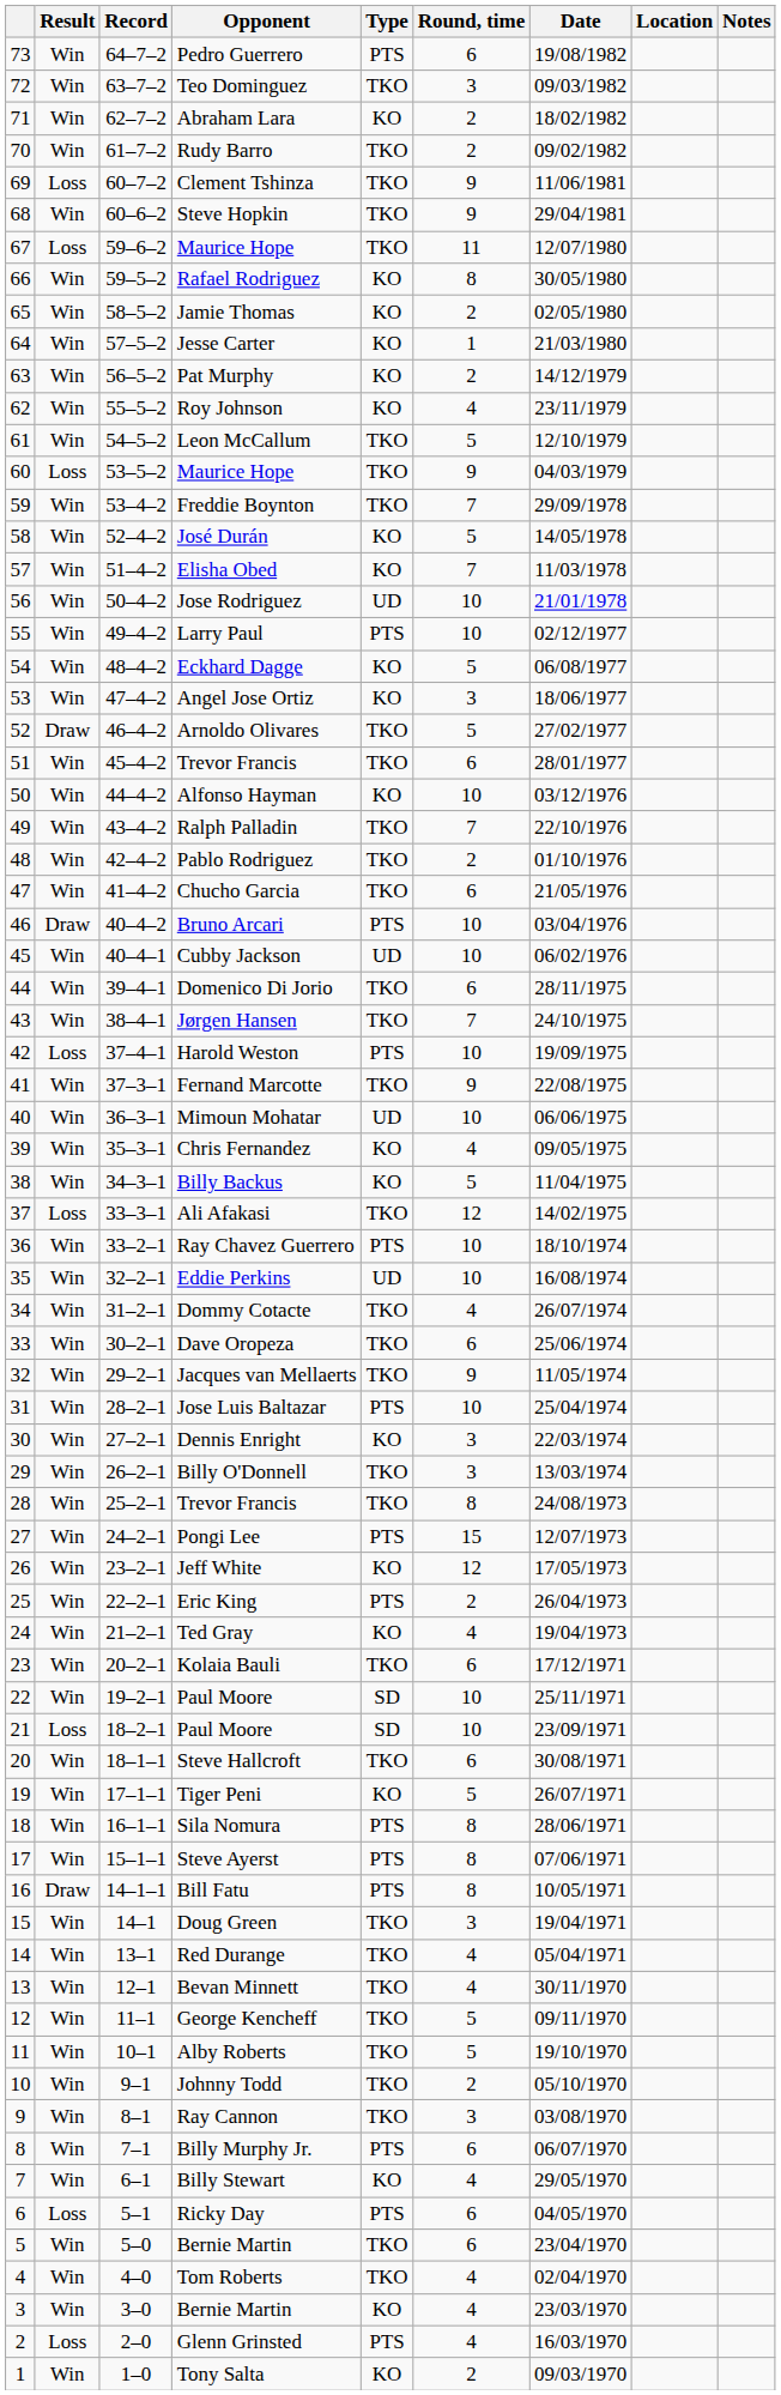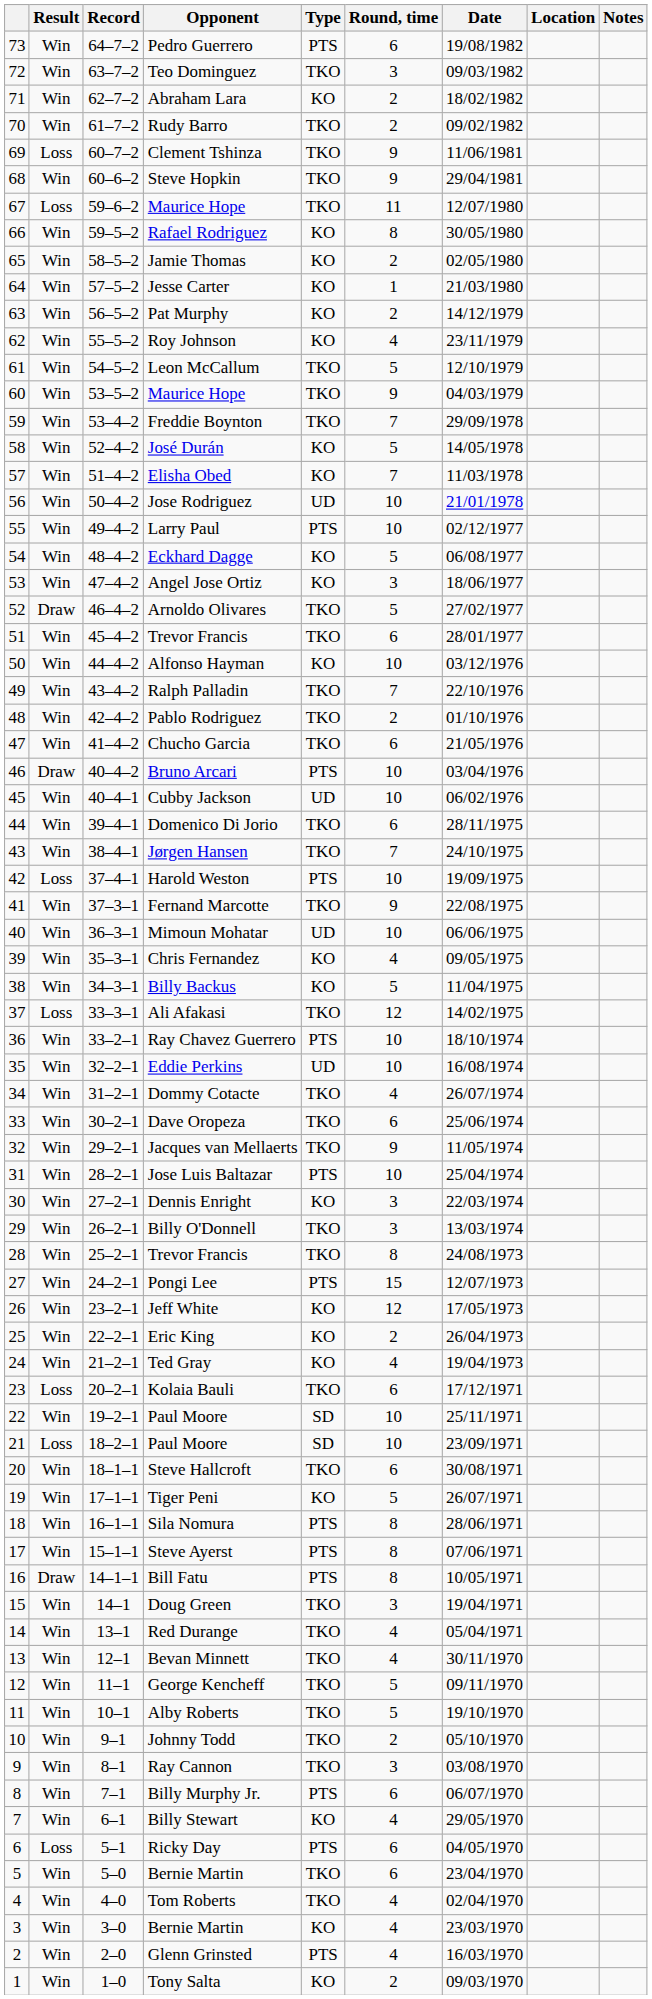 <table class="wikitable" style="text-align:center">
 <tr>
 <th></th>
 <th>Result</th>
 <th>Record</th>
 <th>Opponent</th>
 <th>Type</th>
 <th>Round, time</th>
 <th>Date</th>
 <th>Location</th>
 <th>Notes</th>
 </tr>
 <tr>
 <td>73</td>
 <td>Win</td>
 <td>64–7–2</td>
 <td align=left>Pedro Guerrero</td>
 <td>PTS</td>
 <td>6</td>
 <td>19/08/1982</td>
 <td align=left></td>
 <td align=left></td>
 </tr>
 <tr>
 <td>72</td>
 <td>Win</td>
 <td>63–7–2</td>
 <td align=left>Teo Dominguez</td>
 <td>TKO</td>
 <td>3</td>
 <td>09/03/1982</td>
 <td align=left></td>
 <td align=left></td>
 </tr>
 <tr>
 <td>71</td>
 <td>Win</td>
 <td>62–7–2</td>
 <td align=left>Abraham Lara</td>
 <td>KO</td>
 <td>2</td>
 <td>18/02/1982</td>
 <td align=left></td>
 <td align=left></td>
 </tr>
 <tr>
 <td>70</td>
 <td>Win</td>
 <td>61–7–2</td>
 <td align=left>Rudy Barro</td>
 <td>TKO</td>
 <td>2</td>
 <td>09/02/1982</td>
 <td align=left></td>
 <td align=left></td>
 </tr>
 <tr>
 <td>69</td>
 <td>Loss</td>
 <td>60–7–2</td>
 <td align=left>Clement Tshinza</td>
 <td>TKO</td>
 <td>9</td>
 <td>11/06/1981</td>
 <td align=left></td>
 <td align=left></td>
 </tr>
 <tr>
 <td>68</td>
 <td>Win</td>
 <td>60–6–2</td>
 <td align=left>Steve Hopkin</td>
 <td>TKO</td>
 <td>9</td>
 <td>29/04/1981</td>
 <td align=left></td>
 <td align=left></td>
 </tr>
 <tr>
 <td>67</td>
 <td>Loss</td>
 <td>59–6–2</td>
 <td align=left><a href='#'>Maurice Hope</a></td>
 <td>TKO</td>
 <td>11</td>
 <td>12/07/1980</td>
 <td align=left></td>
 <td align=left></td>
 </tr>
 <tr>
 <td>66</td>
 <td>Win</td>
 <td>59–5–2</td>
 <td align=left><a href='#'>Rafael Rodriguez</a></td>
 <td>KO</td>
 <td>8</td>
 <td>30/05/1980</td>
 <td align=left></td>
 <td align=left></td>
 </tr>
 <tr>
 <td>65</td>
 <td>Win</td>
 <td>58–5–2</td>
 <td align=left>Jamie Thomas</td>
 <td>KO</td>
 <td>2</td>
 <td>02/05/1980</td>
 <td align=left></td>
 <td align=left></td>
 </tr>
 <tr>
 <td>64</td>
 <td>Win</td>
 <td>57–5–2</td>
 <td align=left>Jesse Carter</td>
 <td>KO</td>
 <td>1</td>
 <td>21/03/1980</td>
 <td align=left></td>
 <td align=left></td>
 </tr>
 <tr>
 <td>63</td>
 <td>Win</td>
 <td>56–5–2</td>
 <td align=left>Pat Murphy</td>
 <td>KO</td>
 <td>2</td>
 <td>14/12/1979</td>
 <td align=left></td>
 <td align=left></td>
 </tr>
 <tr>
 <td>62</td>
 <td>Win</td>
 <td>55–5–2</td>
 <td align=left>Roy Johnson</td>
 <td>KO</td>
 <td>4</td>
 <td>23/11/1979</td>
 <td align=left></td>
 <td align=left></td>
 </tr>
 <tr>
 <td>61</td>
 <td>Win</td>
 <td>54–5–2</td>
 <td align=left>Leon McCallum</td>
 <td>TKO</td>
 <td>5</td>
 <td>12/10/1979</td>
 <td align=left></td>
 <td align=left></td>
 </tr>
 <tr>
 <td>60</td>
-<td>Loss</td>
+<td>Win</td>
 <td>53–5–2</td>
 <td align=left><a href='#'>Maurice Hope</a></td>
 <td>TKO</td>
 <td>9</td>
 <td>04/03/1979</td>
 <td align=left></td>
 <td align=left></td>
 </tr>
 <tr>
 <td>59</td>
 <td>Win</td>
 <td>53–4–2</td>
 <td align=left>Freddie Boynton</td>
 <td>TKO</td>
 <td>7</td>
 <td>29/09/1978</td>
 <td align=left></td>
 <td align=left></td>
 </tr>
 <tr>
 <td>58</td>
 <td>Win</td>
 <td>52–4–2</td>
 <td align=left><a href='#'>José Durán</a></td>
 <td>KO</td>
 <td>5</td>
 <td>14/05/1978</td>
 <td align=left></td>
 <td align=left></td>
 </tr>
 <tr>
 <td>57</td>
 <td>Win</td>
 <td>51–4–2</td>
 <td align=left><a href='#'>Elisha Obed</a></td>
 <td>KO</td>
 <td>7</td>
 <td>11/03/1978</td>
 <td align=left></td>
 <td align=left></td>
 </tr>
 <tr>
 <td>56</td>
 <td>Win</td>
 <td>50–4–2</td>
 <td align=left>Jose Rodriguez</td>
 <td>UD</td>
 <td>10</td>
 <td><a href='#'>21/01/1978</a></td>
 <td align=left></td>
 <td align=left></td>
 </tr>
 <tr>
 <td>55</td>
 <td>Win</td>
 <td>49–4–2</td>
 <td align=left>Larry Paul</td>
 <td>PTS</td>
 <td>10</td>
 <td>02/12/1977</td>
 <td align=left></td>
 <td align=left></td>
 </tr>
 <tr>
 <td>54</td>
 <td>Win</td>
 <td>48–4–2</td>
 <td align=left><a href='#'>Eckhard Dagge</a></td>
 <td>KO</td>
 <td>5</td>
 <td>06/08/1977</td>
 <td align=left></td>
 <td align=left></td>
 </tr>
 <tr>
 <td>53</td>
 <td>Win</td>
 <td>47–4–2</td>
 <td align=left>Angel Jose Ortiz</td>
 <td>KO</td>
 <td>3</td>
 <td>18/06/1977</td>
 <td align=left></td>
 <td align=left></td>
 </tr>
 <tr>
 <td>52</td>
 <td>Draw</td>
 <td>46–4–2</td>
 <td align=left>Arnoldo Olivares</td>
 <td>TKO</td>
 <td>5</td>
 <td>27/02/1977</td>
 <td align=left></td>
 <td align=left></td>
 </tr>
 <tr>
 <td>51</td>
 <td>Win</td>
 <td>45–4–2</td>
 <td align=left>Trevor Francis</td>
 <td>TKO</td>
 <td>6</td>
 <td>28/01/1977</td>
 <td align=left></td>
 <td align=left></td>
 </tr>
 <tr>
 <td>50</td>
 <td>Win</td>
 <td>44–4–2</td>
 <td align=left>Alfonso Hayman</td>
 <td>KO</td>
 <td>10</td>
 <td>03/12/1976</td>
 <td align=left></td>
 <td align=left></td>
 </tr>
 <tr>
 <td>49</td>
 <td>Win</td>
 <td>43–4–2</td>
 <td align=left>Ralph Palladin</td>
 <td>TKO</td>
 <td>7</td>
 <td>22/10/1976</td>
 <td align=left></td>
 <td align=left></td>
 </tr>
 <tr>
 <td>48</td>
 <td>Win</td>
 <td>42–4–2</td>
 <td align=left>Pablo Rodriguez</td>
 <td>TKO</td>
 <td>2</td>
 <td>01/10/1976</td>
 <td align=left></td>
 <td align=left></td>
 </tr>
 <tr>
 <td>47</td>
 <td>Win</td>
 <td>41–4–2</td>
 <td align=left>Chucho Garcia</td>
 <td>TKO</td>
 <td>6</td>
 <td>21/05/1976</td>
 <td align=left></td>
 <td align=left></td>
 </tr>
 <tr>
 <td>46</td>
 <td>Draw</td>
 <td>40–4–2</td>
 <td align=left><a href='#'>Bruno Arcari</a></td>
 <td>PTS</td>
 <td>10</td>
 <td>03/04/1976</td>
 <td align=left></td>
 <td align=left></td>
 </tr>
 <tr>
 <td>45</td>
 <td>Win</td>
 <td>40–4–1</td>
 <td align=left>Cubby Jackson</td>
 <td>UD</td>
 <td>10</td>
 <td>06/02/1976</td>
 <td align=left></td>
 <td align=left></td>
 </tr>
 <tr>
 <td>44</td>
 <td>Win</td>
 <td>39–4–1</td>
 <td align=left>Domenico Di Jorio</td>
 <td>TKO</td>
 <td>6</td>
 <td>28/11/1975</td>
 <td align=left></td>
 <td align=left></td>
 </tr>
 <tr>
 <td>43</td>
 <td>Win</td>
 <td>38–4–1</td>
 <td align=left><a href='#'>Jørgen Hansen</a></td>
 <td>TKO</td>
 <td>7</td>
 <td>24/10/1975</td>
 <td align=left></td>
 <td align=left></td>
 </tr>
 <tr>
 <td>42</td>
 <td>Loss</td>
 <td>37–4–1</td>
 <td align=left>Harold Weston</td>
 <td>PTS</td>
 <td>10</td>
 <td>19/09/1975</td>
 <td align=left></td>
 <td align=left></td>
 </tr>
 <tr>
 <td>41</td>
 <td>Win</td>
 <td>37–3–1</td>
 <td align=left>Fernand Marcotte</td>
 <td>TKO</td>
 <td>9</td>
 <td>22/08/1975</td>
 <td align=left></td>
 <td align=left></td>
 </tr>
 <tr>
 <td>40</td>
 <td>Win</td>
 <td>36–3–1</td>
 <td align=left>Mimoun Mohatar</td>
 <td>UD</td>
 <td>10</td>
 <td>06/06/1975</td>
 <td align=left></td>
 <td align=left></td>
 </tr>
 <tr>
 <td>39</td>
 <td>Win</td>
 <td>35–3–1</td>
 <td align=left>Chris Fernandez</td>
 <td>KO</td>
 <td>4</td>
 <td>09/05/1975</td>
 <td align=left></td>
 <td align=left></td>
 </tr>
 <tr>
 <td>38</td>
 <td>Win</td>
 <td>34–3–1</td>
 <td align=left><a href='#'>Billy Backus</a></td>
 <td>KO</td>
 <td>5</td>
 <td>11/04/1975</td>
 <td align=left></td>
 <td align=left></td>
 </tr>
 <tr>
 <td>37</td>
 <td>Loss</td>
 <td>33–3–1</td>
 <td align=left>Ali Afakasi</td>
 <td>TKO</td>
 <td>12</td>
 <td>14/02/1975</td>
 <td align=left></td>
 <td align=left></td>
 </tr>
 <tr>
 <td>36</td>
 <td>Win</td>
 <td>33–2–1</td>
 <td align=left>Ray Chavez Guerrero</td>
 <td>PTS</td>
 <td>10</td>
 <td>18/10/1974</td>
 <td align=left></td>
 <td align=left></td>
 </tr>
 <tr>
 <td>35</td>
 <td>Win</td>
 <td>32–2–1</td>
 <td align=left><a href='#'>Eddie Perkins</a></td>
 <td>UD</td>
 <td>10</td>
 <td>16/08/1974</td>
 <td align=left></td>
 <td align=left></td>
 </tr>
 <tr>
 <td>34</td>
 <td>Win</td>
 <td>31–2–1</td>
 <td align=left>Dommy Cotacte</td>
 <td>TKO</td>
 <td>4</td>
 <td>26/07/1974</td>
 <td align=left></td>
 <td align=left></td>
 </tr>
 <tr>
 <td>33</td>
 <td>Win</td>
 <td>30–2–1</td>
 <td align=left>Dave Oropeza</td>
 <td>TKO</td>
 <td>6</td>
 <td>25/06/1974</td>
 <td align=left></td>
 <td align=left></td>
 </tr>
 <tr>
 <td>32</td>
 <td>Win</td>
 <td>29–2–1</td>
 <td align=left>Jacques van Mellaerts</td>
 <td>TKO</td>
 <td>9</td>
 <td>11/05/1974</td>
 <td align=left></td>
 <td align=left></td>
 </tr>
 <tr>
 <td>31</td>
 <td>Win</td>
 <td>28–2–1</td>
 <td align=left>Jose Luis Baltazar</td>
 <td>PTS</td>
 <td>10</td>
 <td>25/04/1974</td>
 <td align=left></td>
 <td align=left></td>
 </tr>
 <tr>
 <td>30</td>
 <td>Win</td>
 <td>27–2–1</td>
 <td align=left>Dennis Enright</td>
 <td>KO</td>
 <td>3</td>
 <td>22/03/1974</td>
 <td align=left></td>
 <td align=left></td>
 </tr>
 <tr>
 <td>29</td>
 <td>Win</td>
 <td>26–2–1</td>
 <td align=left>Billy O'Donnell</td>
 <td>TKO</td>
 <td>3</td>
 <td>13/03/1974</td>
 <td align=left></td>
 <td align=left></td>
 </tr>
 <tr>
 <td>28</td>
 <td>Win</td>
 <td>25–2–1</td>
 <td align=left>Trevor Francis</td>
 <td>TKO</td>
 <td>8</td>
 <td>24/08/1973</td>
 <td align=left></td>
 <td align=left></td>
 </tr>
 <tr>
 <td>27</td>
 <td>Win</td>
 <td>24–2–1</td>
 <td align=left>Pongi Lee</td>
 <td>PTS</td>
 <td>15</td>
 <td>12/07/1973</td>
 <td align=left></td>
 <td align=left></td>
 </tr>
 <tr>
 <td>26</td>
 <td>Win</td>
 <td>23–2–1</td>
 <td align=left>Jeff White</td>
 <td>KO</td>
 <td>12</td>
 <td>17/05/1973</td>
 <td align=left></td>
 <td align=left></td>
 </tr>
 <tr>
 <td>25</td>
 <td>Win</td>
 <td>22–2–1</td>
 <td align=left>Eric King</td>
-<td>PTS</td>
+<td>KO</td>
 <td>2</td>
 <td>26/04/1973</td>
 <td align=left></td>
 <td align=left></td>
 </tr>
 <tr>
 <td>24</td>
 <td>Win</td>
 <td>21–2–1</td>
 <td align=left>Ted Gray</td>
 <td>KO</td>
 <td>4</td>
 <td>19/04/1973</td>
 <td align=left></td>
 <td align=left></td>
 </tr>
 <tr>
 <td>23</td>
-<td>Win</td>
+<td>Loss</td>
 <td>20–2–1</td>
 <td align=left>Kolaia Bauli</td>
 <td>TKO</td>
 <td>6</td>
 <td>17/12/1971</td>
 <td align=left></td>
 <td align=left></td>
 </tr>
 <tr>
 <td>22</td>
 <td>Win</td>
 <td>19–2–1</td>
 <td align=left>Paul Moore</td>
 <td>SD</td>
 <td>10</td>
 <td>25/11/1971</td>
 <td align=left></td>
 <td align=left></td>
 </tr>
 <tr>
 <td>21</td>
 <td>Loss</td>
 <td>18–2–1</td>
 <td align=left>Paul Moore</td>
 <td>SD</td>
 <td>10</td>
 <td>23/09/1971</td>
 <td align=left></td>
 <td align=left></td>
 </tr>
 <tr>
 <td>20</td>
 <td>Win</td>
 <td>18–1–1</td>
 <td align=left>Steve Hallcroft</td>
 <td>TKO</td>
 <td>6</td>
 <td>30/08/1971</td>
 <td align=left></td>
 <td align=left></td>
 </tr>
 <tr>
 <td>19</td>
 <td>Win</td>
 <td>17–1–1</td>
 <td align=left>Tiger Peni</td>
 <td>KO</td>
 <td>5</td>
 <td>26/07/1971</td>
 <td align=left></td>
 <td align=left></td>
 </tr>
 <tr>
 <td>18</td>
 <td>Win</td>
 <td>16–1–1</td>
 <td align=left>Sila Nomura</td>
 <td>PTS</td>
 <td>8</td>
 <td>28/06/1971</td>
 <td align=left></td>
 <td align=left></td>
 </tr>
 <tr>
 <td>17</td>
 <td>Win</td>
 <td>15–1–1</td>
 <td align=left>Steve Ayerst</td>
 <td>PTS</td>
 <td>8</td>
 <td>07/06/1971</td>
 <td align=left></td>
 <td align=left></td>
 </tr>
 <tr>
 <td>16</td>
 <td>Draw</td>
 <td>14–1–1</td>
 <td align=left>Bill Fatu</td>
 <td>PTS</td>
 <td>8</td>
 <td>10/05/1971</td>
 <td align=left></td>
 <td align=left></td>
 </tr>
 <tr>
 <td>15</td>
 <td>Win</td>
 <td>14–1</td>
 <td align=left>Doug Green</td>
 <td>TKO</td>
 <td>3</td>
 <td>19/04/1971</td>
 <td align=left></td>
 <td align=left></td>
 </tr>
 <tr>
 <td>14</td>
 <td>Win</td>
 <td>13–1</td>
 <td align=left>Red Durange</td>
 <td>TKO</td>
 <td>4</td>
 <td>05/04/1971</td>
 <td align=left></td>
 <td align=left></td>
 </tr>
 <tr>
 <td>13</td>
 <td>Win</td>
 <td>12–1</td>
 <td align=left>Bevan Minnett</td>
 <td>TKO</td>
 <td>4</td>
 <td>30/11/1970</td>
 <td align=left></td>
 <td align=left></td>
 </tr>
 <tr>
 <td>12</td>
 <td>Win</td>
 <td>11–1</td>
 <td align=left>George Kencheff</td>
 <td>TKO</td>
 <td>5</td>
 <td>09/11/1970</td>
 <td align=left></td>
 <td align=left></td>
 </tr>
 <tr>
 <td>11</td>
 <td>Win</td>
 <td>10–1</td>
 <td align=left>Alby Roberts</td>
 <td>TKO</td>
 <td>5</td>
 <td>19/10/1970</td>
 <td align=left></td>
 <td align=left></td>
 </tr>
 <tr>
 <td>10</td>
 <td>Win</td>
 <td>9–1</td>
 <td align=left>Johnny Todd</td>
 <td>TKO</td>
 <td>2</td>
 <td>05/10/1970</td>
 <td align=left></td>
 <td align=left></td>
 </tr>
 <tr>
 <td>9</td>
 <td>Win</td>
 <td>8–1</td>
 <td align=left>Ray Cannon</td>
 <td>TKO</td>
 <td>3</td>
 <td>03/08/1970</td>
 <td align=left></td>
 <td align=left></td>
 </tr>
 <tr>
 <td>8</td>
 <td>Win</td>
 <td>7–1</td>
 <td align=left>Billy Murphy Jr.</td>
 <td>PTS</td>
 <td>6</td>
 <td>06/07/1970</td>
 <td align=left></td>
 <td align=left></td>
 </tr>
 <tr>
 <td>7</td>
 <td>Win</td>
 <td>6–1</td>
 <td align=left>Billy Stewart</td>
 <td>KO</td>
 <td>4</td>
 <td>29/05/1970</td>
 <td align=left></td>
 <td align=left></td>
 </tr>
 <tr>
 <td>6</td>
 <td>Loss</td>
 <td>5–1</td>
 <td align=left>Ricky Day</td>
 <td>PTS</td>
 <td>6</td>
 <td>04/05/1970</td>
 <td align=left></td>
 <td align=left></td>
 </tr>
 <tr>
 <td>5</td>
 <td>Win</td>
 <td>5–0</td>
 <td align=left>Bernie Martin</td>
 <td>TKO</td>
 <td>6</td>
 <td>23/04/1970</td>
 <td align=left></td>
 <td align=left></td>
 </tr>
 <tr>
 <td>4</td>
 <td>Win</td>
 <td>4–0</td>
 <td align=left>Tom Roberts</td>
 <td>TKO</td>
 <td>4</td>
 <td>02/04/1970</td>
 <td align=left></td>
 <td align=left></td>
 </tr>
 <tr>
 <td>3</td>
 <td>Win</td>
 <td>3–0</td>
 <td align=left>Bernie Martin</td>
 <td>KO</td>
 <td>4</td>
 <td>23/03/1970</td>
 <td align=left></td>
 <td align=left></td>
 </tr>
 <tr>
 <td>2</td>
-<td>Loss</td>
+<td>Win</td>
 <td>2–0</td>
 <td align=left>Glenn Grinsted</td>
 <td>PTS</td>
 <td>4</td>
 <td>16/03/1970</td>
 <td align=left></td>
 <td align=left></td>
 </tr>
 <tr>
 <td>1</td>
 <td>Win</td>
 <td>1–0</td>
 <td align=left>Tony Salta</td>
 <td>KO</td>
 <td>2</td>
 <td>09/03/1970</td>
 <td align=left></td>
 <td align=left></td>
 </tr>
 </table>
